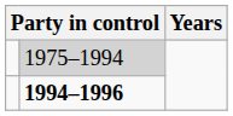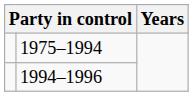 <table class="wikitable">
 <tr>
 <th colspan="2">Party in control</th>
 <th>Years</th>
 </tr>
 <tr>
 <td></td>
-<td style="background: lightgrey;">1975–1994</td>
+<td>1975–1994</td>
 </tr>
 <tr>
 <td></td>
-<td><strong>1994–1996</strong></td>
+<td>1994–1996</td>
 </tr>
 </table>
